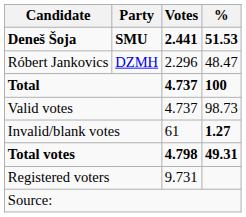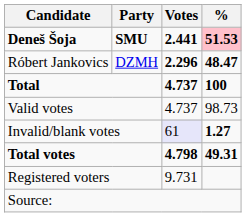 <table class="wikitable" style="text-align: left;">
 <tr>
 <th>Candidate</th>
 <th>Party</th>
 <th>Votes</th>
 <th>%</th>
 </tr>
 <tr>
 <td><strong>Deneš Šoja</strong></td>
 <td><strong>SMU</strong></td>
 <td><strong>2.441</strong></td>
-<td><strong>51.53</strong></td>
+<td style="background: pink;"><strong>51.53</strong></td>
 </tr>
 <tr>
 <td>Róbert Jankovics</td>
 <td><a href='#'>DZMH</a></td>
-<td>2.296</td>
-<td>48.47</td>
+<td><strong>2.296</strong></td>
+<td><strong>48.47</strong></td>
 </tr>
 <tr>
 <td colspan="2"><strong>Total</strong></td>
 <td><strong>4.737</strong></td>
 <td><strong>100</strong></td>
 </tr>
 <tr>
 <td colspan="2">Valid votes</td>
 <td>4.737</td>
 <td>98.73</td>
 </tr>
 <tr>
 <td colspan="2">Invalid/blank votes</td>
-<td>61</td>
+<td style="background: lavender;">61</td>
 <td><strong>1.27</strong></td>
 </tr>
 <tr>
 <td colspan="2"><strong>Total votes</strong></td>
 <td><strong>4.798</strong></td>
 <td><strong>49.31</strong></td>
 </tr>
 <tr>
 <td colspan="2">Registered voters</td>
 <td>9.731</td>
 <td></td>
 </tr>
 <tr>
 <td colspan="4">Source: </td>
 </tr>
 </table>
